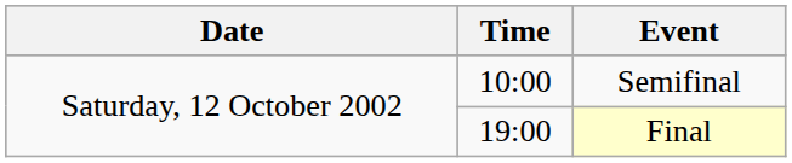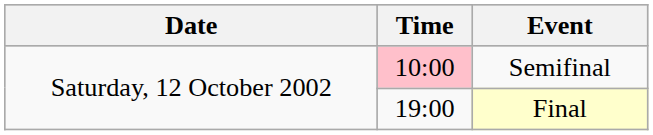 <table class = "wikitable" style="text-align:center;">
 <tr>
 <th width=220>Date</th>
 <th width=50>Time</th>
 <th width=100>Event</th>
 </tr>
 <tr>
 <td rowspan=2>Saturday, 12 October 2002</td>
-<td>10:00</td>
+<td style="background: pink;">10:00</td>
 <td>Semifinal</td>
 </tr>
 <tr>
 <td>19:00</td>
 <td bgcolor=ffffcc>Final</td>
 </tr>
 </table>
